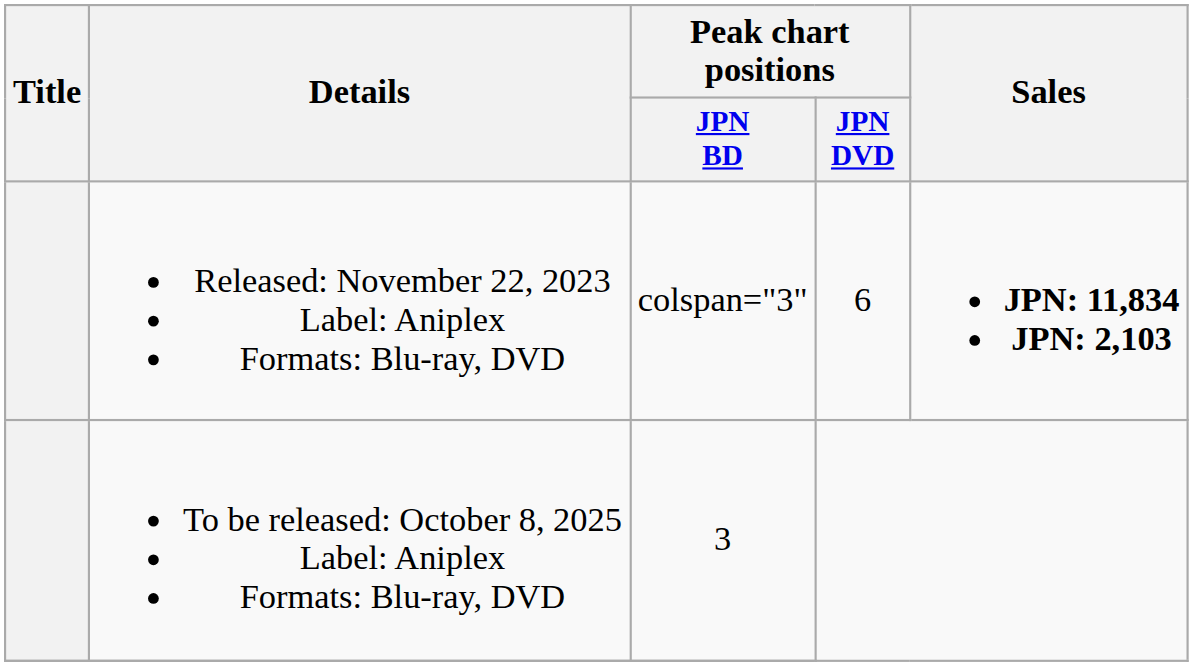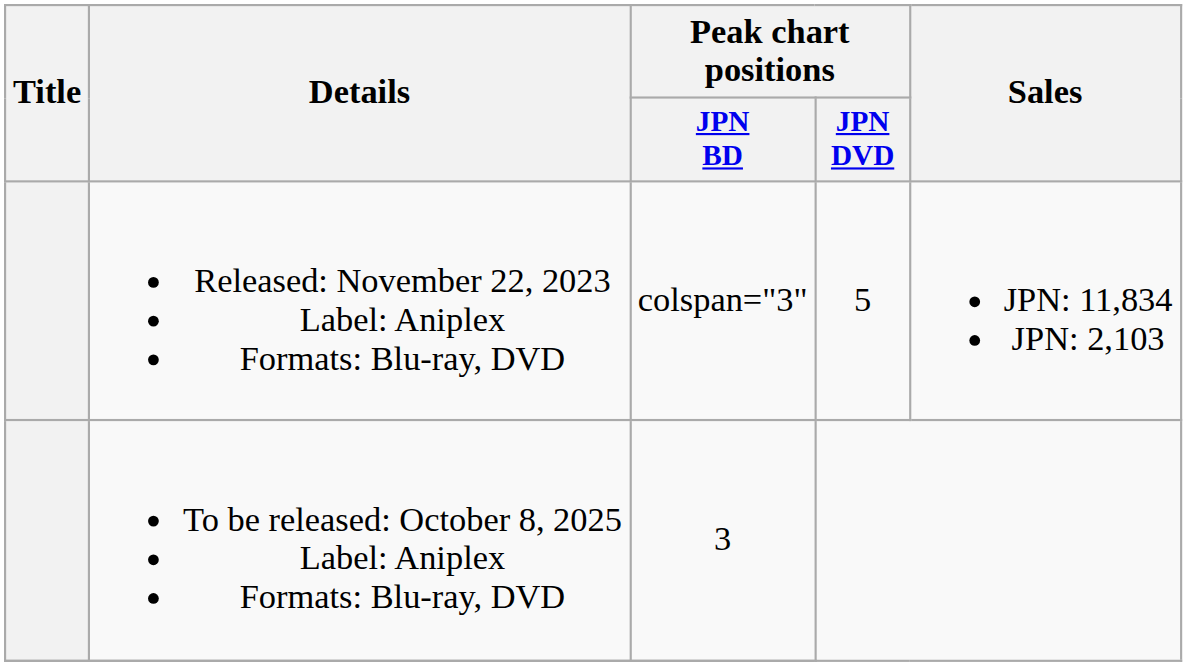 <table class="wikitable plainrowheaders" style="text-align:center;">
 <tr>
 <th scope="col" rowspan="2">Title</th>
 <th scope="col" rowspan="2">Details</th>
 <th scope="col" colspan="2">Peak chart positions</th>
 <th scope="col" rowspan="2">Sales</th>
 </tr>
 <tr>
 <th scope="col" style="width:2.75em;font-size:85%;"><a href='#'>JPN<br>BD</a><br></th>
 <th scope="col" style="width:2.75em;font-size:85%;"><a href='#'>JPN<br>DVD</a><br></th>
 </tr>
 <tr>
 <th scope="row"></th>
 <td><br><ul><li>Released: November 22, 2023</li><li>Label: Aniplex</li><li>Formats: Blu-ray, DVD</li></ul></td>
 <td>colspan="3" </td>
-<td>6</td>
-<td><strong><br><ul><li>JPN: 11,834 </li><li>JPN: 2,103 </li></ul></strong></td>
+<td>5</td>
+<td><br><ul><li>JPN: 11,834 </li><li>JPN: 2,103 </li></ul></td>
 </tr>
 <tr>
 <th scope="row"></th>
 <td><br><ul><li>To be released: October 8, 2025</li><li>Label: Aniplex</li><li>Formats: Blu-ray, DVD</li></ul></td>
 <td>3</td>
 </tr>
 <tr>
 </tr>
 </table>
